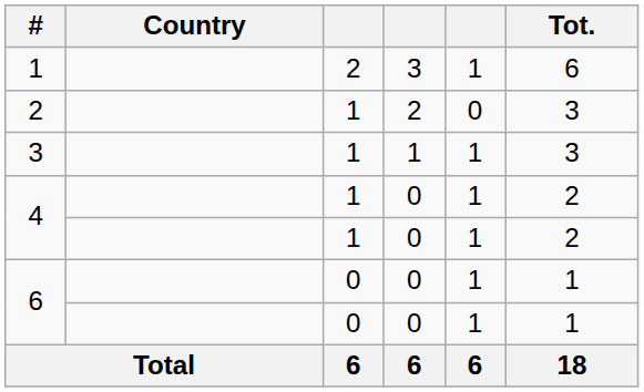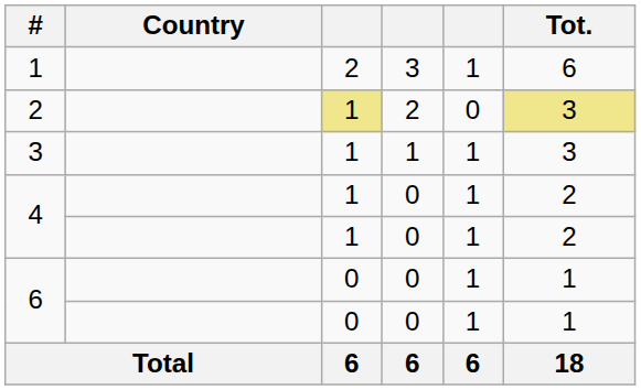 <table class="wikitable" width=30% style="font-size:100%; text-align:center;">
 <tr>
 <th>#</th>
 <th>Country</th>
 <th></th>
 <th></th>
 <th></th>
 <th>Tot.</th>
 </tr>
 <tr>
 <td>1</td>
 <td align=left></td>
 <td>2</td>
 <td>3</td>
 <td>1</td>
 <td>6</td>
 </tr>
 <tr>
 <td>2</td>
 <td align=left></td>
-<td>1</td>
+<td style="background: khaki;">1</td>
 <td>2</td>
 <td>0</td>
-<td>3</td>
+<td style="background: khaki;">3</td>
 </tr>
 <tr>
 <td>3</td>
 <td align=left></td>
 <td>1</td>
 <td>1</td>
 <td>1</td>
 <td>3</td>
 </tr>
 <tr>
 <td rowspan=2>4</td>
 <td align=left></td>
 <td>1</td>
 <td>0</td>
 <td>1</td>
 <td>2</td>
 </tr>
 <tr>
 <td align=left></td>
 <td>1</td>
 <td>0</td>
 <td>1</td>
 <td>2</td>
 </tr>
 <tr>
 <td rowspan=2>6</td>
 <td align=left></td>
 <td>0</td>
 <td>0</td>
 <td>1</td>
 <td>1</td>
 </tr>
 <tr>
 <td align=left></td>
 <td>0</td>
 <td>0</td>
 <td>1</td>
 <td>1</td>
 </tr>
 <tr class="sortbottom">
 <th colspan=2>Total</th>
 <th>6</th>
 <th>6</th>
 <th>6</th>
 <th>18</th>
 </tr>
 </table>
